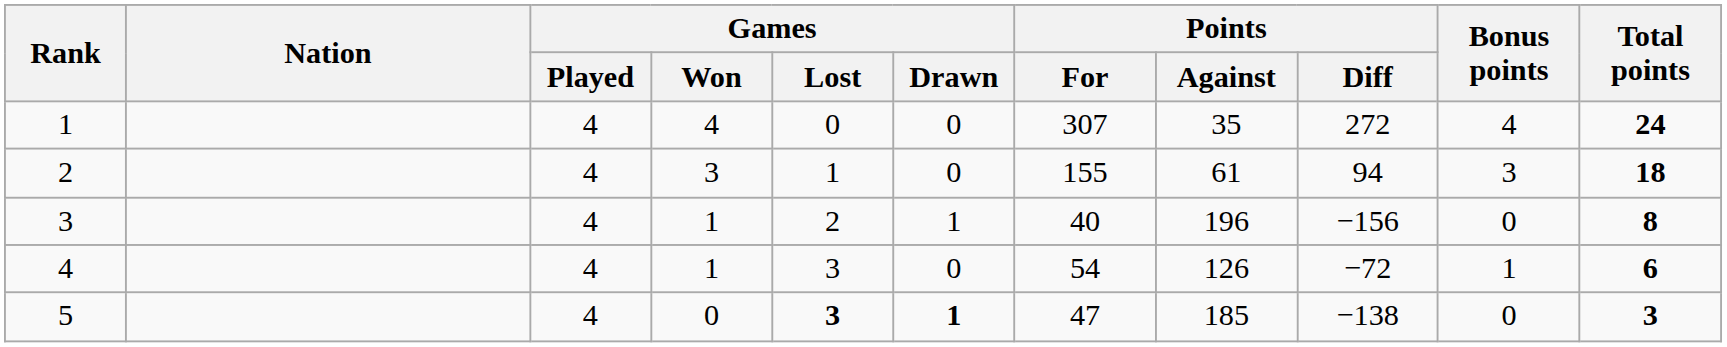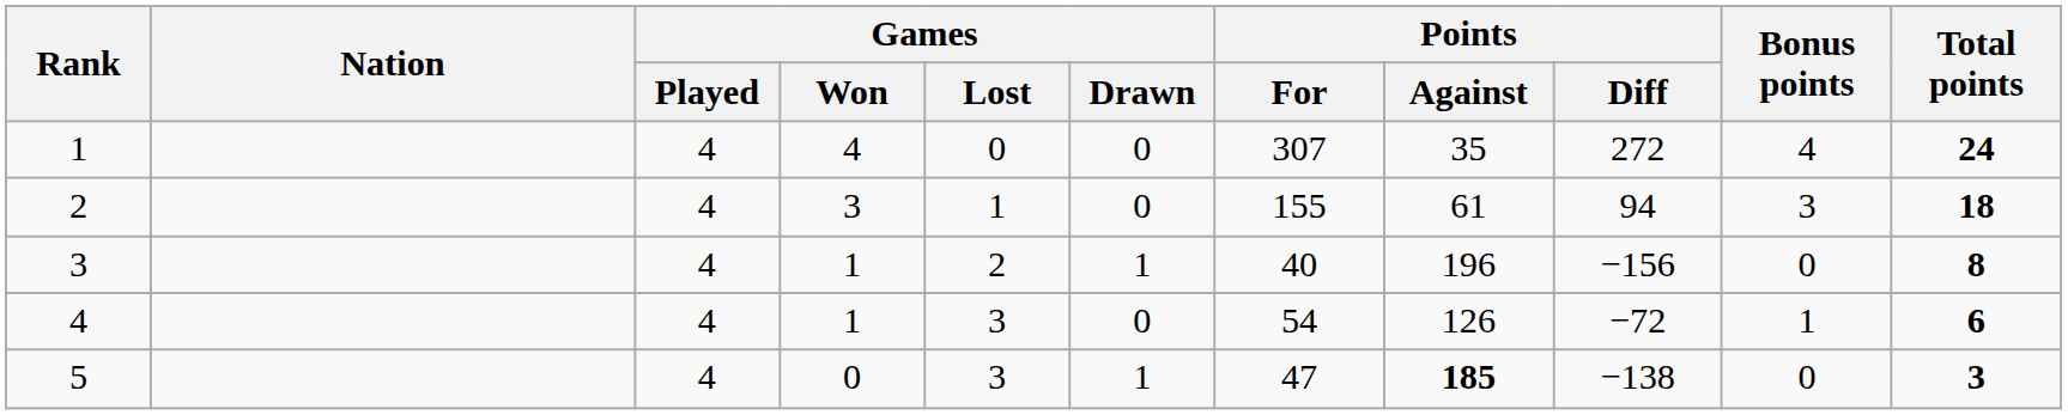 <table class="wikitable" style="text-align:center">
 <tr>
 <th rowspan="2" style="width:6%;">Rank</th>
 <th rowspan="2" style="width:20%;">Nation</th>
 <th colspan="4" style="width:24%;">Games</th>
 <th colspan="3" style="width:21%;">Points</th>
 <th rowspan="2" style="width:7%;">Bonus<br>points</th>
 <th rowspan="2" style="width:7%;">Total<br>points</th>
 </tr>
 <tr>
 <th style="width:6%;">Played</th>
 <th style="width:6%;">Won</th>
 <th style="width:6%;">Lost</th>
 <th style="width:6%;">Drawn</th>
 <th style="width:7%;">For</th>
 <th style="width:7%;">Against</th>
 <th style="width:7%;">Diff</th>
 </tr>
 <tr>
 <td>1</td>
 <td align="left"></td>
 <td>4</td>
 <td>4</td>
 <td>0</td>
 <td>0</td>
 <td>307</td>
 <td>35</td>
 <td>272</td>
 <td>4</td>
 <td><strong>24</strong></td>
 </tr>
 <tr>
 <td>2</td>
 <td align="left"></td>
 <td>4</td>
 <td>3</td>
 <td>1</td>
 <td>0</td>
 <td>155</td>
 <td>61</td>
 <td>94</td>
 <td>3</td>
 <td><strong>18</strong></td>
 </tr>
 <tr>
 <td>3</td>
 <td align="left"></td>
 <td>4</td>
 <td>1</td>
 <td>2</td>
 <td>1</td>
 <td>40</td>
 <td>196</td>
 <td>−156</td>
 <td>0</td>
 <td><strong>8</strong></td>
 </tr>
 <tr>
 <td>4</td>
 <td align="left"></td>
 <td>4</td>
 <td>1</td>
 <td>3</td>
 <td>0</td>
 <td>54</td>
 <td>126</td>
 <td>−72</td>
 <td>1</td>
 <td><strong>6</strong></td>
 </tr>
 <tr>
 <td>5</td>
 <td align="left"></td>
 <td>4</td>
 <td>0</td>
-<td><strong>3</strong></td>
-<td><strong>1</strong></td>
+<td>3</td>
+<td>1</td>
 <td>47</td>
-<td>185</td>
+<td><strong>185</strong></td>
 <td>−138</td>
 <td>0</td>
 <td><strong>3</strong></td>
 </tr>
 </table>
